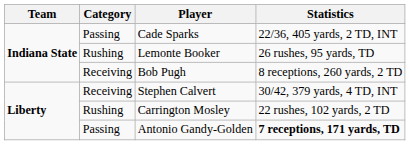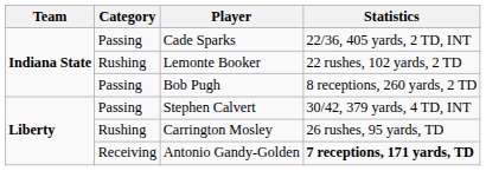 <table class="wikitable" style="float: left;">
 <tr>
 <th>Team</th>
 <th>Category</th>
 <th>Player</th>
 <th>Statistics</th>
 </tr>
 <tr>
 <td rowspan=3><strong>Indiana State</strong></td>
 <td>Passing</td>
 <td>Cade Sparks</td>
 <td>22/36, 405 yards, 2 TD, INT</td>
 </tr>
 <tr>
 <td>Rushing</td>
 <td>Lemonte Booker</td>
-<td>26 rushes, 95 yards, TD</td>
+<td>22 rushes, 102 yards, 2 TD</td>
 </tr>
 <tr>
-<td>Receiving</td>
+<td>Passing</td>
 <td>Bob Pugh</td>
 <td>8 receptions, 260 yards, 2 TD</td>
 </tr>
 <tr>
 <td rowspan=3><strong>Liberty</strong></td>
-<td>Receiving</td>
+<td>Passing</td>
 <td>Stephen Calvert</td>
 <td>30/42, 379 yards, 4 TD, INT</td>
 </tr>
 <tr>
 <td>Rushing</td>
 <td>Carrington Mosley</td>
-<td>22 rushes, 102 yards, 2 TD</td>
+<td>26 rushes, 95 yards, TD</td>
 </tr>
 <tr>
-<td>Passing</td>
+<td>Receiving</td>
 <td>Antonio Gandy-Golden</td>
 <td><strong>7 receptions, 171 yards, TD</strong></td>
 </tr>
 </table>
